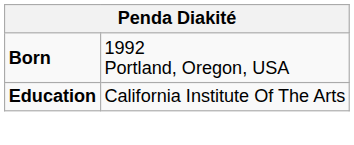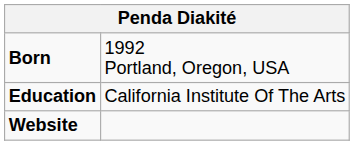 <table class="wikitable floatright">
 <tr>
 <th colspan="2"><strong>Penda Diakité</strong></th>
 </tr>
 <tr>
 <td><strong>Born</strong></td>
 <td>1992<br>Portland, Oregon, USA</td>
 </tr>
 <tr>
 <td><strong>Education</strong></td>
 <td>California Institute Of The Arts</td>
 </tr>
+<tr>
+<td><strong>Website</strong></td>
+<td></td>
+</tr>
 </table>
